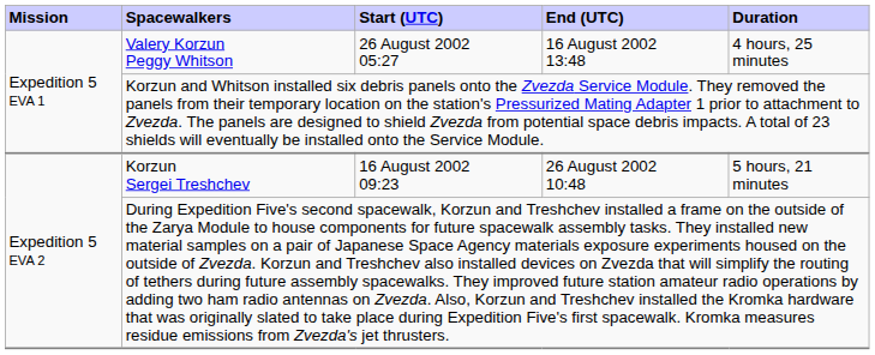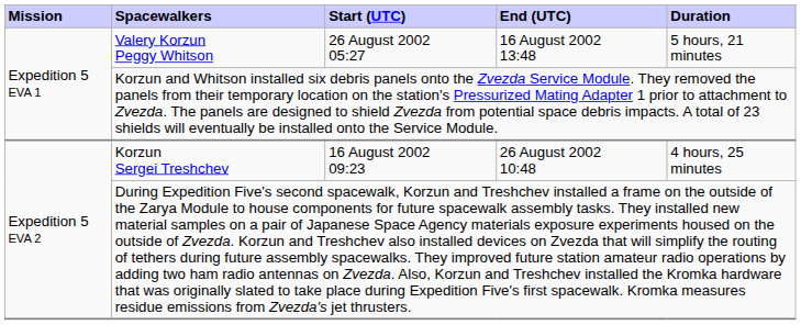 <table class="wikitable">
 <tr>
 <th width="10%" style="background:#ccccff;color:black;text-align:left"><strong>Mission</strong></th>
 <th width="20%" style="background:#ccccff;color:black;text-align:left"><strong>Spacewalkers</strong></th>
 <th width="16%" style="background:#ccccff;color:black;text-align:left"><strong>Start (<a href='#'>UTC</a>)</strong></th>
 <th width="16%" style="background:#ccccff;color:black;text-align:left"><strong>End (UTC)</strong></th>
 <th width="12%" style="background:#ccccff;color:black;text-align:left"><strong>Duration</strong></th>
 </tr>
 <tr>
 <td rowspan=2 style="border-bottom:2px solid grey;">Expedition 5<br><small>EVA 1</small><br></td>
 <td><a href='#'>Valery Korzun</a> <br> <a href='#'>Peggy Whitson</a></td>
 <td>26 August 2002 <br> 05:27</td>
 <td>16 August 2002 <br> 13:48</td>
-<td>4 hours, 25 minutes</td>
+<td>5 hours, 21 minutes</td>
 </tr>
 <tr>
 <td colspan=4 style="border-bottom:2px solid grey;">Korzun and Whitson installed six debris panels onto the <a href='#'><em>Zvezda</em> Service Module</a>. They removed the panels from their temporary location on the station's <a href='#'>Pressurized Mating Adapter</a> 1 prior to attachment to <em>Zvezda</em>. The panels are designed to shield <em>Zvezda</em> from potential space debris impacts. A total of 23 shields will eventually be installed onto the Service Module.</td>
 </tr>
 <tr>
 <td rowspan=2 style="border-bottom:2px solid grey;">Expedition 5<br><small>EVA 2</small><br></td>
 <td>Korzun <br> <a href='#'>Sergei Treshchev</a></td>
 <td>16 August 2002 <br> 09:23</td>
 <td>26 August 2002 <br> 10:48</td>
-<td>5 hours, 21 minutes</td>
+<td>4 hours, 25 minutes</td>
 </tr>
 <tr>
 <td colspan=4 style="border-bottom:2px solid grey;">During Expedition Five's second spacewalk, Korzun and Treshchev installed a frame on the outside of the Zarya Module to house components for future spacewalk assembly tasks. They installed new material samples on a pair of Japanese Space Agency materials exposure experiments housed on the outside of <em>Zvezda</em>. Korzun and Treshchev also installed devices on Zvezda that will simplify the routing of tethers during future assembly spacewalks. They improved future station amateur radio operations by adding two ham radio antennas on <em>Zvezda</em>. Also, Korzun and Treshchev installed the Kromka hardware that was originally slated to take place during Expedition Five's first spacewalk. Kromka measures residue emissions from <em>Zvezda's</em> jet thrusters.</td>
 </tr>
 </table>
